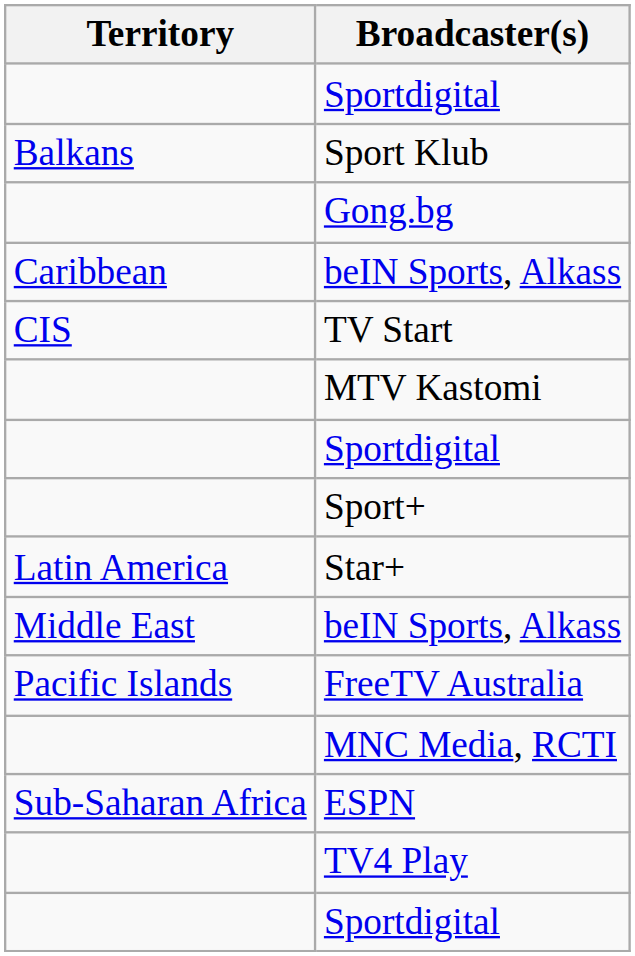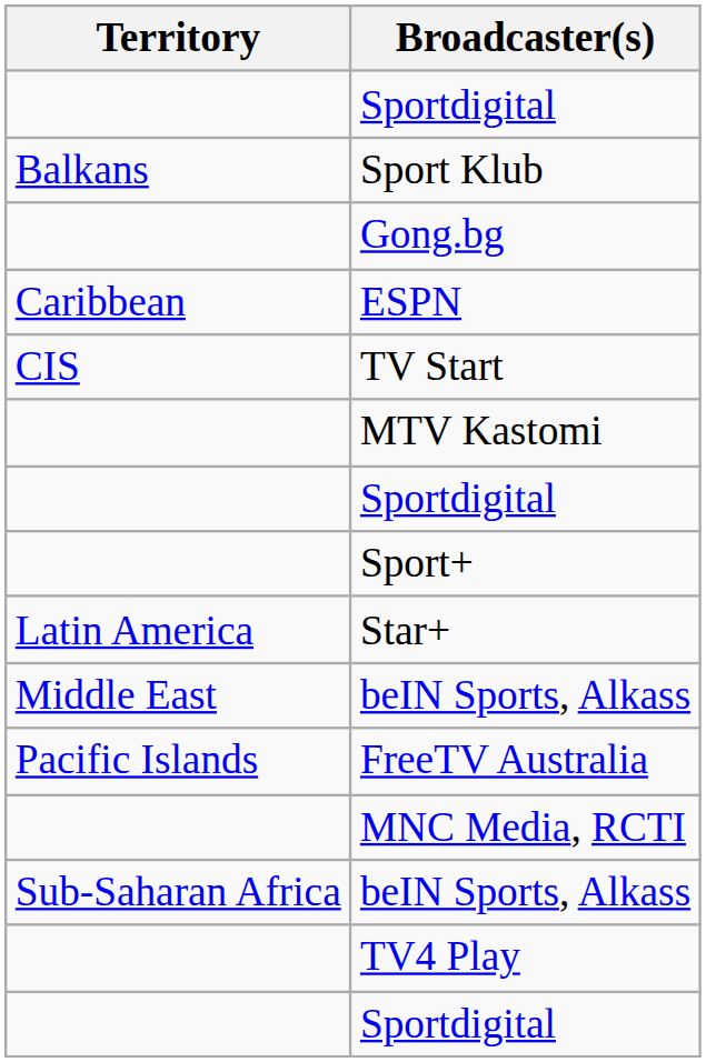 <table class="wikitable sortable">
 <tr>
 <th>Territory</th>
 <th>Broadcaster(s)</th>
 </tr>
 <tr>
 <td></td>
 <td><a href='#'>Sportdigital</a></td>
 </tr>
 <tr>
 <td><a href='#'>Balkans</a></td>
 <td>Sport Klub</td>
 </tr>
 <tr>
 <td></td>
 <td><a href='#'>Gong.bg</a></td>
 </tr>
 <tr>
 <td><a href='#'>Caribbean</a></td>
-<td><a href='#'>beIN Sports</a>, <a href='#'>Alkass</a></td>
+<td><a href='#'>ESPN</a></td>
 </tr>
 <tr>
 <td><a href='#'>CIS</a></td>
 <td>TV Start</td>
 </tr>
 <tr>
 <td></td>
 <td>MTV Kastomi</td>
 </tr>
 <tr>
 <td></td>
 <td><a href='#'>Sportdigital</a></td>
 </tr>
 <tr>
 <td></td>
 <td>Sport+</td>
 </tr>
 <tr>
 <td><a href='#'>Latin America</a></td>
 <td>Star+</td>
 </tr>
 <tr>
 <td><a href='#'>Middle East</a></td>
 <td><a href='#'>beIN Sports</a>, <a href='#'>Alkass</a></td>
 </tr>
 <tr>
 <td><a href='#'>Pacific Islands</a></td>
 <td><a href='#'>FreeTV Australia</a></td>
 </tr>
 <tr>
 <td></td>
 <td><a href='#'>MNC Media</a>, <a href='#'>RCTI</a></td>
 </tr>
 <tr>
 <td><a href='#'>Sub-Saharan Africa</a></td>
-<td><a href='#'>ESPN</a></td>
+<td><a href='#'>beIN Sports</a>, <a href='#'>Alkass</a></td>
 </tr>
 <tr>
 <td></td>
 <td><a href='#'>TV4 Play</a></td>
 </tr>
 <tr>
 <td></td>
 <td><a href='#'>Sportdigital</a></td>
 </tr>
 </table>
